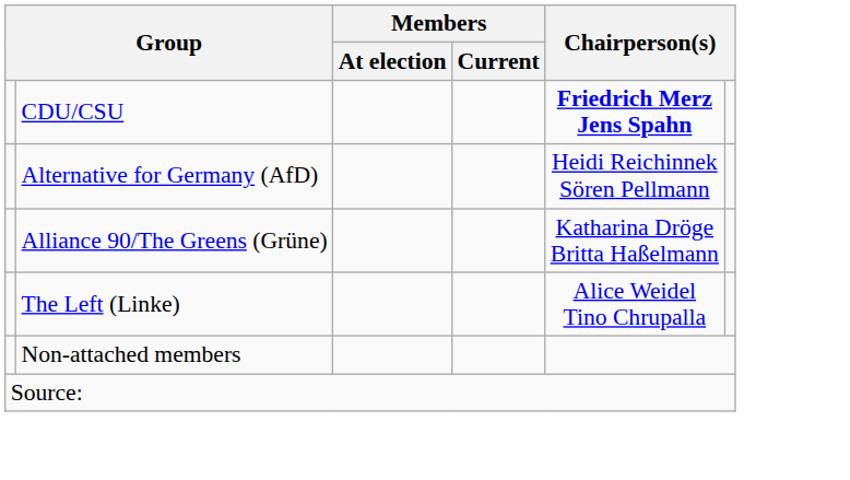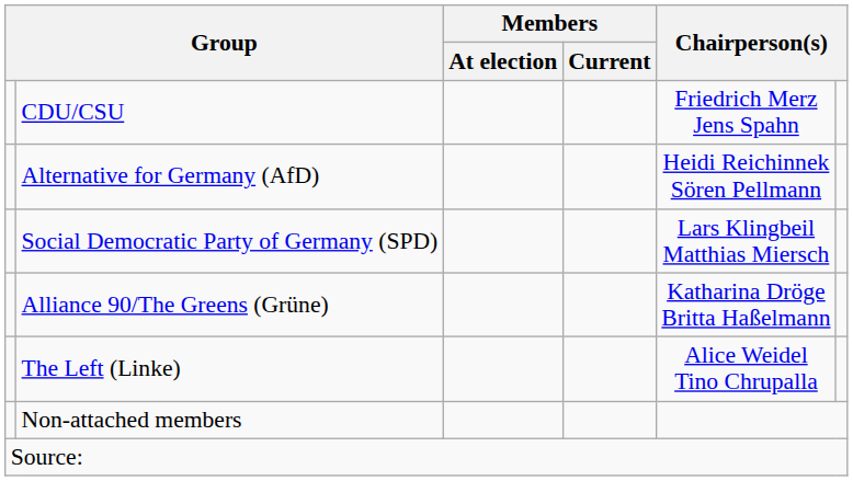 <table class=wikitable style="text-align:center">
 <tr>
 <th rowspan=2 colspan=2>Group</th>
 <th colspan=2>Members</th>
 <th rowspan=2 colspan=2>Chairperson(s)</th>
 </tr>
 <tr>
 <th>At election</th>
 <th>Current</th>
 </tr>
 <tr>
 <td style="background:"></td>
 <td align=left><a href='#'>CDU/CSU</a></td>
 <td></td>
 <td></td>
-<td><strong><a href='#'>Friedrich Merz</a><br><a href='#'>Jens Spahn</a></strong></td>
+<td><a href='#'>Friedrich Merz</a><br><a href='#'>Jens Spahn</a></td>
 <td><br></td>
 </tr>
 <tr>
 <td style="background:"></td>
 <td align=left><a href='#'>Alternative for Germany</a> (AfD)</td>
 <td></td>
 <td></td>
 <td><a href='#'>Heidi Reichinnek</a><br><a href='#'>Sören Pellmann</a></td>
+<td><br></td>
+</tr>
+<tr>
+<td style="background:"></td>
+<td align=left><a href='#'>Social Democratic Party of Germany</a> (SPD)</td>
+<td></td>
+<td></td>
+<td><a href='#'>Lars Klingbeil</a><br><a href='#'>Matthias Miersch</a></td>
 <td><br></td>
 </tr>
 <tr>
 <td style="background:"></td>
 <td align=left><a href='#'>Alliance 90/The Greens</a> (Grüne)</td>
 <td></td>
 <td></td>
 <td><a href='#'>Katharina Dröge</a><br><a href='#'>Britta Haßelmann</a></td>
 <td><br></td>
 </tr>
 <tr>
 <td style="background:"></td>
 <td align=left><a href='#'>The Left</a> (Linke)</td>
 <td></td>
 <td></td>
 <td><a href='#'>Alice Weidel</a><br><a href='#'>Tino Chrupalla</a></td>
 <td><br></td>
 </tr>
 <tr>
 <td style="background:"></td>
 <td align=left>Non-attached members</td>
 <td></td>
 <td></td>
 </tr>
 <tr>
 <td align=left colspan=6>Source: </td>
 </tr>
 </table>
